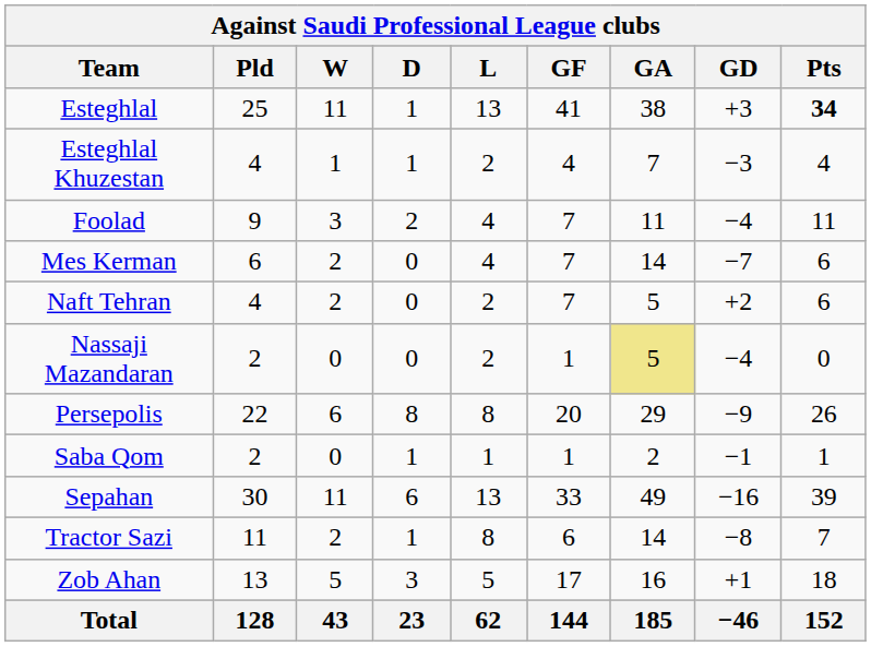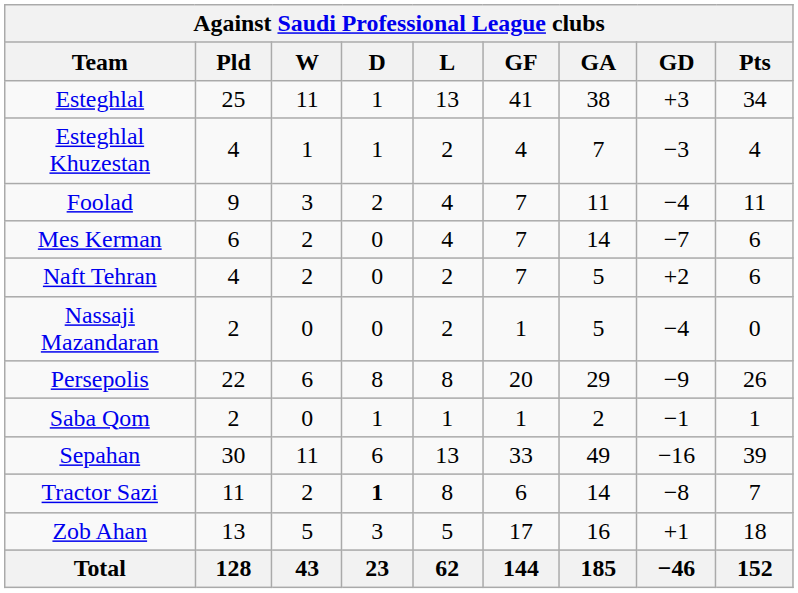 <table class="wikitable" width="60%" style="text-align:center">
 <tr>
 <th colspan="9">Against <a href='#'>Saudi Professional League</a> clubs</th>
 </tr>
 <tr>
 <th width="10%">Team</th>
 <th width="5%">Pld</th>
 <th width="5%">W</th>
 <th width="5%">D</th>
 <th width="5%">L</th>
 <th width="5%">GF</th>
 <th width="5%">GA</th>
 <th width="5%">GD</th>
 <th width="5%">Pts</th>
 </tr>
 <tr>
 <td><a href='#'>Esteghlal</a></td>
 <td>25</td>
 <td>11</td>
 <td>1</td>
 <td>13</td>
 <td>41</td>
 <td>38</td>
 <td>+3</td>
-<td><strong>34</strong></td>
+<td>34</td>
 </tr>
 <tr>
 <td><a href='#'>Esteghlal Khuzestan</a></td>
 <td>4</td>
 <td>1</td>
 <td>1</td>
 <td>2</td>
 <td>4</td>
 <td>7</td>
 <td>−3</td>
 <td>4</td>
 </tr>
 <tr>
 <td><a href='#'>Foolad</a></td>
 <td>9</td>
 <td>3</td>
 <td>2</td>
 <td>4</td>
 <td>7</td>
 <td>11</td>
 <td>−4</td>
 <td>11</td>
 </tr>
 <tr>
 <td><a href='#'>Mes Kerman</a></td>
 <td>6</td>
 <td>2</td>
 <td>0</td>
 <td>4</td>
 <td>7</td>
 <td>14</td>
 <td>−7</td>
 <td>6</td>
 </tr>
 <tr>
 <td><a href='#'>Naft Tehran</a></td>
 <td>4</td>
 <td>2</td>
 <td>0</td>
 <td>2</td>
 <td>7</td>
 <td>5</td>
 <td>+2</td>
 <td>6</td>
 </tr>
 <tr>
 <td><a href='#'>Nassaji Mazandaran</a></td>
 <td>2</td>
 <td>0</td>
 <td>0</td>
 <td>2</td>
 <td>1</td>
-<td style="background: khaki;">5</td>
+<td>5</td>
 <td>−4</td>
 <td>0</td>
 </tr>
 <tr>
 <td><a href='#'>Persepolis</a></td>
 <td>22</td>
 <td>6</td>
 <td>8</td>
 <td>8</td>
 <td>20</td>
 <td>29</td>
 <td>−9</td>
 <td>26</td>
 </tr>
 <tr>
 <td><a href='#'>Saba Qom</a></td>
 <td>2</td>
 <td>0</td>
 <td>1</td>
 <td>1</td>
 <td>1</td>
 <td>2</td>
 <td>−1</td>
 <td>1</td>
 </tr>
 <tr>
 <td><a href='#'>Sepahan</a></td>
 <td>30</td>
 <td>11</td>
 <td>6</td>
 <td>13</td>
 <td>33</td>
 <td>49</td>
 <td>−16</td>
 <td>39</td>
 </tr>
 <tr>
 <td><a href='#'>Tractor Sazi</a></td>
 <td>11</td>
 <td>2</td>
-<td>1</td>
+<td><strong>1</strong></td>
 <td>8</td>
 <td>6</td>
 <td>14</td>
 <td>−8</td>
 <td>7</td>
 </tr>
 <tr>
 <td><a href='#'>Zob Ahan</a></td>
 <td>13</td>
 <td>5</td>
 <td>3</td>
 <td>5</td>
 <td>17</td>
 <td>16</td>
 <td>+1</td>
 <td>18</td>
 </tr>
 <tr>
 <th>Total</th>
 <th>128</th>
 <th>43</th>
 <th>23</th>
 <th>62</th>
 <th>144</th>
 <th>185</th>
 <th>−46</th>
 <th>152</th>
 </tr>
 </table>
